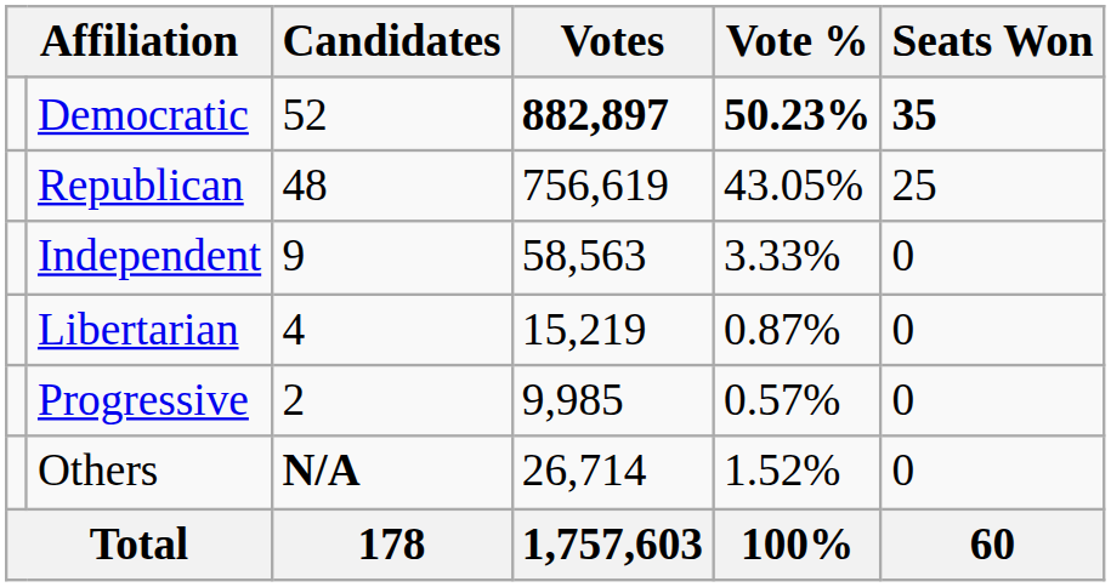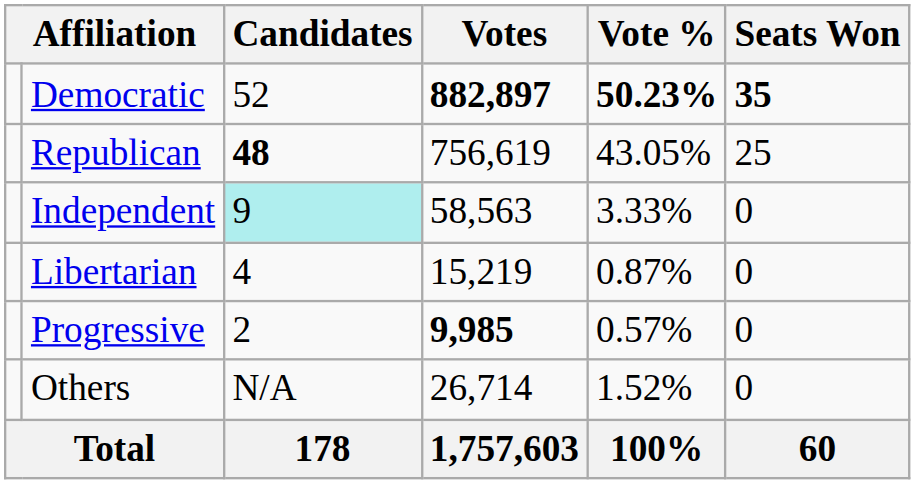 <table class="wikitable">
 <tr>
 <th colspan="2">Affiliation</th>
 <th>Candidates</th>
 <th>Votes</th>
 <th>Vote %</th>
 <th>Seats Won</th>
 </tr>
 <tr>
 <td style="background-color:"></td>
 <td><a href='#'>Democratic</a></td>
 <td>52</td>
 <td><strong>882,897</strong></td>
 <td><strong>50.23%</strong></td>
 <td><strong>35</strong></td>
 </tr>
 <tr>
 <td style="background-color:"></td>
 <td><a href='#'>Republican</a></td>
-<td>48</td>
+<td><strong>48</strong></td>
 <td>756,619</td>
 <td>43.05%</td>
 <td>25</td>
 </tr>
 <tr>
 <td style="background-color:"></td>
 <td><a href='#'>Independent</a></td>
-<td>9</td>
+<td style="background: paleturquoise;">9</td>
 <td>58,563</td>
 <td>3.33%</td>
 <td>0</td>
 </tr>
 <tr>
 <td style="background-color:"></td>
 <td><a href='#'>Libertarian</a></td>
 <td>4</td>
 <td>15,219</td>
 <td>0.87%</td>
 <td>0</td>
 </tr>
 <tr>
 <td style="background-color:"></td>
 <td><a href='#'>Progressive</a></td>
 <td>2</td>
-<td>9,985</td>
+<td><strong>9,985</strong></td>
 <td>0.57%</td>
 <td>0</td>
 </tr>
 <tr>
 <td></td>
 <td>Others</td>
-<td><strong>N/A</strong></td>
+<td>N/A</td>
 <td>26,714</td>
 <td>1.52%</td>
 <td>0</td>
 </tr>
 <tr>
 <th colspan="2">Total</th>
 <th>178</th>
 <th>1,757,603</th>
 <th>100%</th>
 <th>60</th>
 </tr>
 </table>
